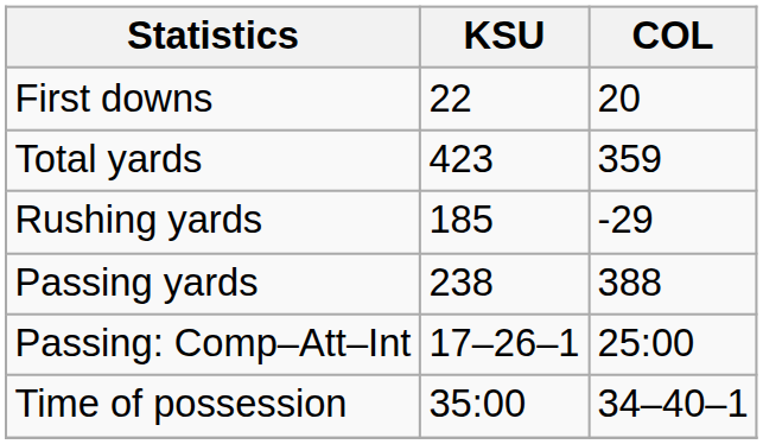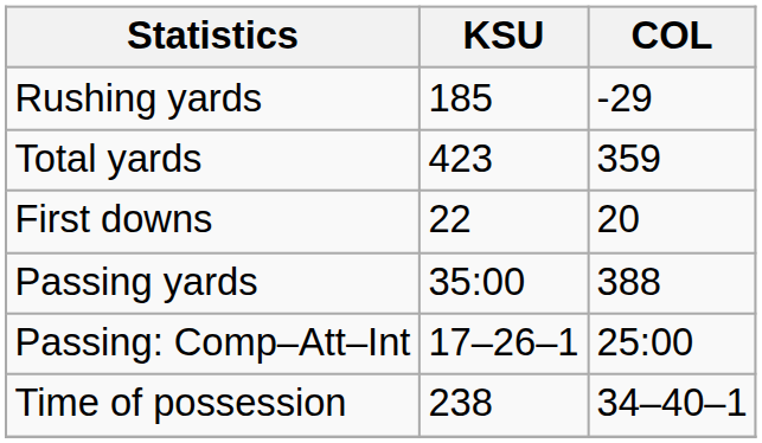 <table class="wikitable" style="float: left;">
 <tr>
 <th>Statistics</th>
 <th>KSU</th>
 <th>COL</th>
 </tr>
 <tr>
-<td>First downs</td>
-<td>22</td>
-<td>20</td>
+<td>Rushing yards</td>
+<td>185</td>
+<td>-29</td>
 </tr>
 <tr>
 <td>Total yards</td>
 <td>423</td>
 <td>359</td>
 </tr>
 <tr>
-<td>Rushing yards</td>
-<td>185</td>
-<td>-29</td>
+<td>First downs</td>
+<td>22</td>
+<td>20</td>
 </tr>
 <tr>
 <td>Passing yards</td>
-<td>238</td>
+<td>35:00</td>
 <td>388</td>
 </tr>
 <tr>
 <td>Passing: Comp–Att–Int</td>
 <td>17–26–1</td>
 <td>25:00</td>
 </tr>
 <tr>
 <td>Time of possession</td>
-<td>35:00</td>
+<td>238</td>
 <td>34–40–1</td>
 </tr>
 <tr>
 </tr>
 </table>
